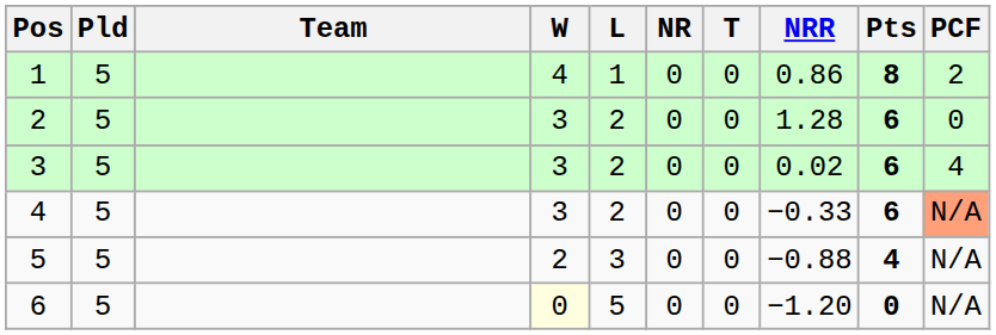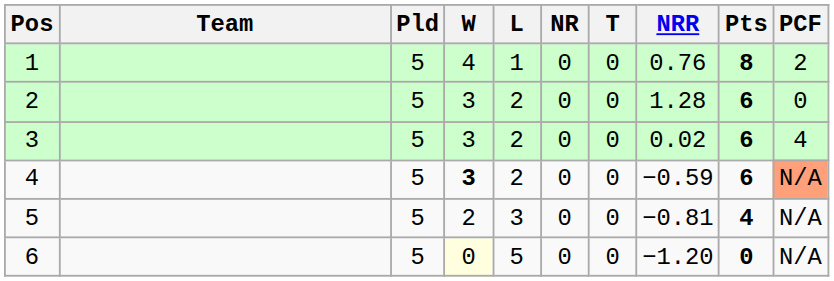 <table class="wikitable" style="text-align:center">
 <tr>
 <th>Pos</th>
+<th width="175">Team</th>
 <th width=20 abbr="Played">Pld</th>
-<th width="175">Team</th>
 <th width=20 abbr="Won">W</th>
 <th width=20 abbr="Lost">L</th>
 <th width=20 abbr="No result">NR</th>
 <th width=20 abbr="Tied">T</th>
 <th width=20 abbr="Net run rate"><a href='#'>NRR</a></th>
 <th width=20 abbr="Points">Pts</th>
 <th width=20 abbr="Points carried forward">PCF</th>
 </tr>
 <tr style="background:#ccffcc">
 <td>1</td>
+<td style="text-align:left"></td>
 <td>5</td>
-<td style="text-align:left"></td>
 <td>4</td>
 <td>1</td>
 <td>0</td>
 <td>0</td>
-<td>0.86</td>
+<td>0.76</td>
 <td><strong>8</strong></td>
 <td>2</td>
 </tr>
 <tr style="background:#ccffcc">
 <td>2</td>
+<td style="text-align:left"></td>
 <td>5</td>
-<td style="text-align:left"></td>
 <td>3</td>
 <td>2</td>
 <td>0</td>
 <td>0</td>
 <td>1.28</td>
 <td><strong>6</strong></td>
 <td>0</td>
 </tr>
 <tr style="background:#ccffcc">
 <td>3</td>
+<td style="text-align:left"></td>
 <td>5</td>
-<td style="text-align:left"></td>
 <td>3</td>
 <td>2</td>
 <td>0</td>
 <td>0</td>
 <td>0.02</td>
 <td><strong>6</strong></td>
 <td>4</td>
 </tr>
 <tr>
 <td>4</td>
+<td style="text-align:left"></td>
 <td>5</td>
-<td style="text-align:left"></td>
-<td>3</td>
+<td><strong>3</strong></td>
 <td>2</td>
 <td>0</td>
 <td>0</td>
-<td>−0.33</td>
+<td>−0.59</td>
 <td><strong>6</strong></td>
 <td style="background: lightsalmon;">N/A</td>
 </tr>
 <tr>
 <td>5</td>
+<td style="text-align:left"></td>
 <td>5</td>
-<td style="text-align:left"></td>
 <td>2</td>
 <td>3</td>
 <td>0</td>
 <td>0</td>
-<td>−0.88</td>
+<td>−0.81</td>
 <td><strong>4</strong></td>
 <td>N/A</td>
 </tr>
 <tr>
 <td>6</td>
+<td style="text-align:left"></td>
 <td>5</td>
-<td style="text-align:left"></td>
 <td style="background: lightyellow;">0</td>
 <td>5</td>
 <td>0</td>
 <td>0</td>
 <td>−1.20</td>
 <td><strong>0</strong></td>
 <td>N/A</td>
 </tr>
 </table>
